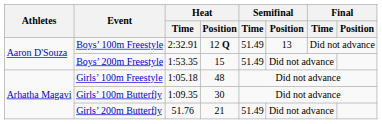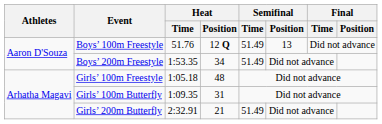 <table class="wikitable" style="font-size:90%;">
 <tr>
 <th rowspan=2>Athletes</th>
 <th rowspan=2>Event</th>
 <th colspan=2>Heat</th>
 <th colspan=2>Semifinal</th>
 <th colspan=2>Final</th>
 </tr>
 <tr>
 <th>Time</th>
 <th>Position</th>
 <th>Time</th>
 <th>Position</th>
 <th>Time</th>
 <th>Position</th>
 </tr>
 <tr>
 <td rowspan=2><a href='#'>Aaron D'Souza</a></td>
 <td><a href='#'>Boys’ 100m Freestyle</a></td>
-<td align=center>2:32.91</td>
+<td align=center>51.76</td>
 <td align=center>12 <strong>Q</strong></td>
 <td align=center>51.49</td>
 <td align=center>13</td>
 <td colspan="2" style="text-align:center;">Did not advance</td>
 </tr>
 <tr>
 <td><a href='#'>Boys’ 200m Freestyle</a></td>
 <td align=center>1:53.35</td>
-<td align=center>15</td>
+<td align=center>34</td>
 <td align=center>51.49</td>
 <td colspan="2" style="text-align:center;">Did not advance</td>
 </tr>
 <tr>
 <td rowspan=3><a href='#'>Arhatha Magavi</a></td>
 <td><a href='#'>Girls’ 100m Freestyle</a></td>
 <td align=center>1:05.18</td>
 <td align=center>48</td>
 <td colspan="4" style="text-align:center;">Did not advance</td>
 </tr>
 <tr>
 <td><a href='#'>Girls’ 100m Butterfly</a></td>
 <td align=center>1:09.35</td>
-<td align=center>30</td>
+<td align=center>31</td>
 <td colspan="4" style="text-align:center;">Did not advance</td>
 </tr>
 <tr>
 <td><a href='#'>Girls’ 200m Butterfly</a></td>
-<td align=center>51.76</td>
+<td align=center>2:32.91</td>
 <td align=center>21</td>
 <td align=center>51.49</td>
 <td colspan="2" style="text-align:center;">Did not advance</td>
 </tr>
 </table>
